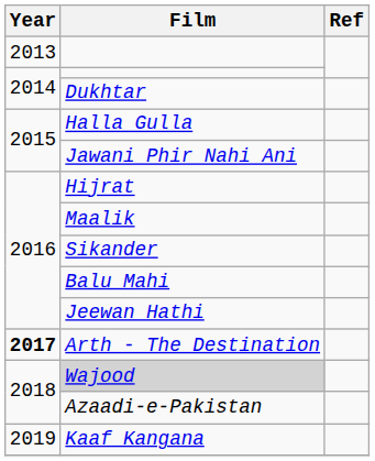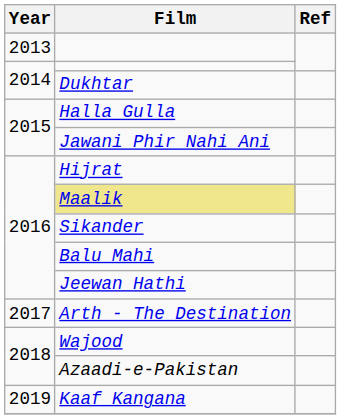 <table class="wikitable">
 <tr>
 <th>Year</th>
 <th>Film</th>
 <th>Ref</th>
 </tr>
 <tr>
 <td>2013</td>
 <td></td>
 </tr>
 <tr>
 <td rowspan="2">2014</td>
 <td></td>
 </tr>
 <tr>
 <td><em><a href='#'>Dukhtar</a></em></td>
 <td></td>
 </tr>
 <tr>
 <td rowspan="2">2015</td>
 <td><em><a href='#'>Halla Gulla</a></em></td>
 <td></td>
 </tr>
 <tr>
 <td><em><a href='#'>Jawani Phir Nahi Ani</a></em></td>
 <td></td>
 </tr>
 <tr>
 <td rowspan="5">2016</td>
 <td><em><a href='#'>Hijrat</a></em></td>
 <td></td>
 </tr>
 <tr>
-<td><em><a href='#'>Maalik</a></em></td>
+<td style="background: khaki;"><em><a href='#'>Maalik</a></em></td>
 <td></td>
 </tr>
 <tr>
 <td><em><a href='#'>Sikander</a></em></td>
 <td></td>
 </tr>
 <tr>
 <td><em><a href='#'>Balu Mahi</a></em></td>
 <td></td>
 </tr>
 <tr>
 <td><em><a href='#'>Jeewan Hathi</a></em></td>
 <td></td>
 </tr>
 <tr>
-<td><strong>2017</strong></td>
+<td>2017</td>
 <td><em><a href='#'>Arth - The Destination</a></em></td>
 <td></td>
 </tr>
 <tr>
 <td rowspan="2">2018</td>
-<td style="background: lightgrey;"><em><a href='#'>Wajood</a></em></td>
+<td><em><a href='#'>Wajood</a></em></td>
 <td></td>
 </tr>
 <tr>
 <td><em>Azaadi-e-Pakistan</em></td>
 <td></td>
 </tr>
 <tr>
 <td>2019</td>
 <td><em><a href='#'>Kaaf Kangana</a></em></td>
 <td></td>
 </tr>
 <tr>
 </tr>
 </table>
